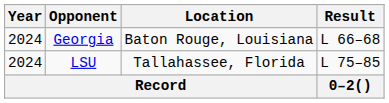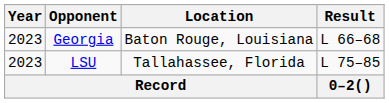 <table class="wikitable" style="text-align:center">
 <tr>
 <th>Year</th>
 <th>Opponent</th>
 <th>Location</th>
 <th>Result</th>
 </tr>
 <tr align="center">
-<td>2024</td>
+<td>2023</td>
 <td><a href='#'>Georgia</a></td>
 <td>Baton Rouge, Louisiana</td>
 <td>L 66–68</td>
 </tr>
 <tr align="center">
-<td>2024</td>
+<td>2023</td>
 <td><a href='#'>LSU</a></td>
 <td>Tallahassee, Florida</td>
 <td>L 75–85</td>
 </tr>
 <tr style="text-align:center;" class="sortbottom">
 <th colspan="3;">Record</th>
 <th colspan="1;">0–2()</th>
 </tr>
 </table>
